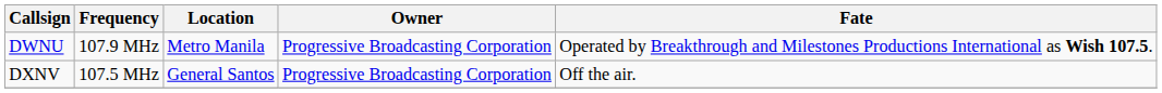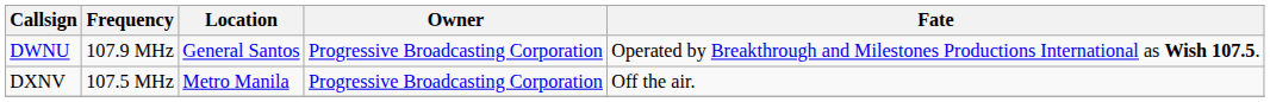 <table class="wikitable">
 <tr>
 <th>Callsign</th>
 <th>Frequency</th>
 <th>Location</th>
 <th>Owner</th>
 <th>Fate</th>
 </tr>
 <tr>
 <td><a href='#'>DWNU</a></td>
 <td>107.9 MHz</td>
-<td><a href='#'>Metro Manila</a></td>
+<td><a href='#'>General Santos</a></td>
 <td><a href='#'>Progressive Broadcasting Corporation</a></td>
 <td>Operated by <a href='#'>Breakthrough and Milestones Productions International</a> as <strong>Wish 107.5</strong>.</td>
 </tr>
 <tr>
 <td>DXNV</td>
 <td>107.5 MHz</td>
-<td><a href='#'>General Santos</a></td>
+<td><a href='#'>Metro Manila</a></td>
 <td><a href='#'>Progressive Broadcasting Corporation</a></td>
 <td>Off the air.</td>
 </tr>
 <tr>
 </tr>
 </table>
